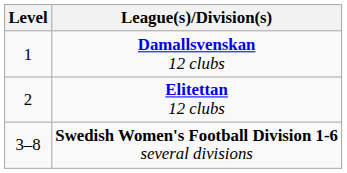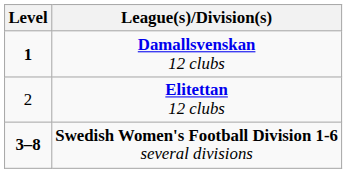 <table class="wikitable" style="text-align: center;">
 <tr>
 <th>Level</th>
 <th colspan="12">League(s)/Division(s)</th>
 </tr>
 <tr>
-<td>1</td>
+<td><strong>1</strong></td>
 <td colspan="12"><strong><a href='#'>Damallsvenskan</a></strong><br><em>12 clubs</em></td>
 </tr>
 <tr>
 <td>2</td>
 <td colspan="12"><strong><a href='#'>Elitettan</a></strong><br><em>12 clubs</em></td>
 </tr>
 <tr>
-<td>3–8</td>
+<td><strong>3–8</strong></td>
 <td colspan="12"><strong>Swedish Women's Football Division 1-6</strong><br><em>several divisions</em></td>
 </tr>
 </table>
